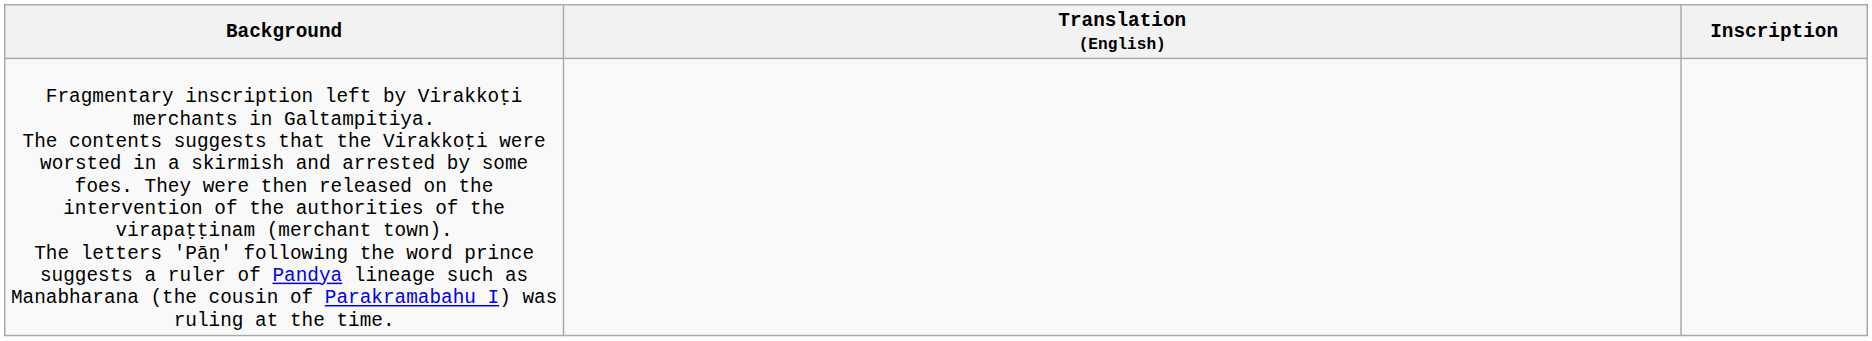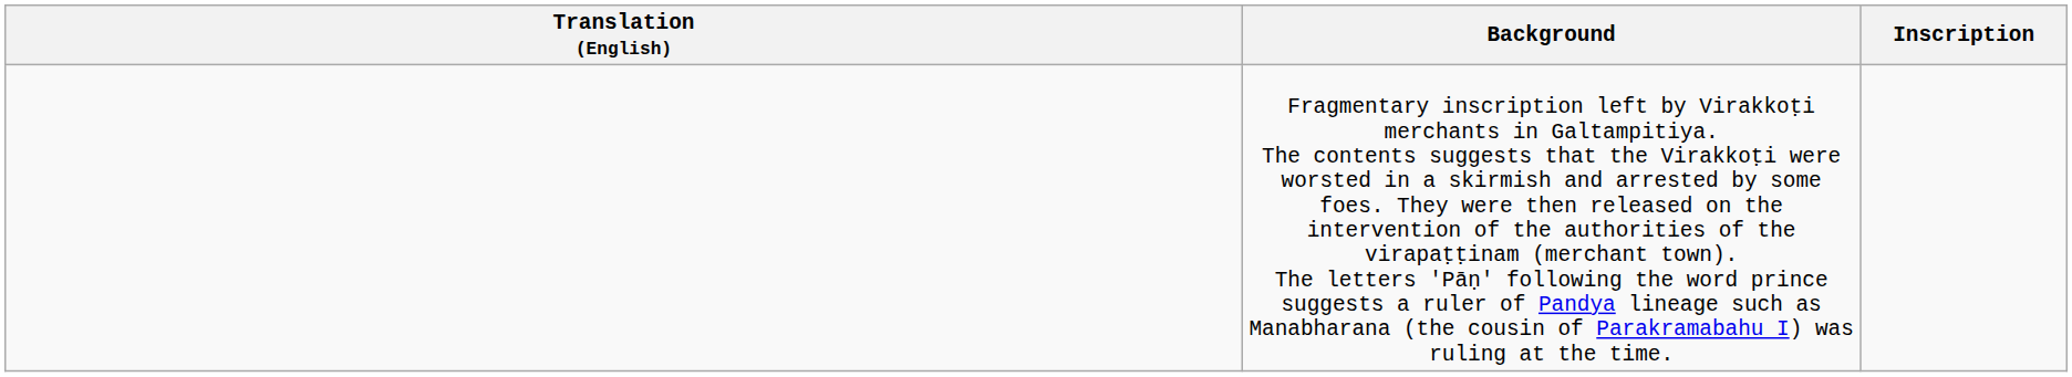 <table class="wikitable centre">
 <tr>
+<th>Translation<br><small>(English)</small></th>
 <th scope="col" align=left>Background<br></th>
-<th>Translation<br><small>(English)</small></th>
 <th>Inscription<br></th>
 </tr>
 <tr>
+<td align=left><br></td>
 <td align=center width="30%"><br>Fragmentary inscription left by Virakkoṭi merchants in Galtampitiya.<br>The contents suggests that the Virakkoṭi were worsted in a skirmish and arrested by some foes. They were then released on the intervention of the authorities of the virapaṭṭinam (merchant town).<br>The letters 'Pāṇ' following the word prince suggests a ruler of <a href='#'>Pandya</a> lineage such as Manabharana (the cousin of <a href='#'>Parakramabahu I</a>) was ruling at the time.</td>
-<td align=left><br></td>
 <td align=center width="10%"><br></td>
 </tr>
 </table>
